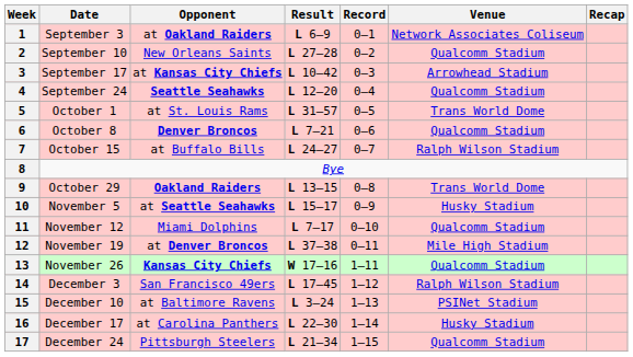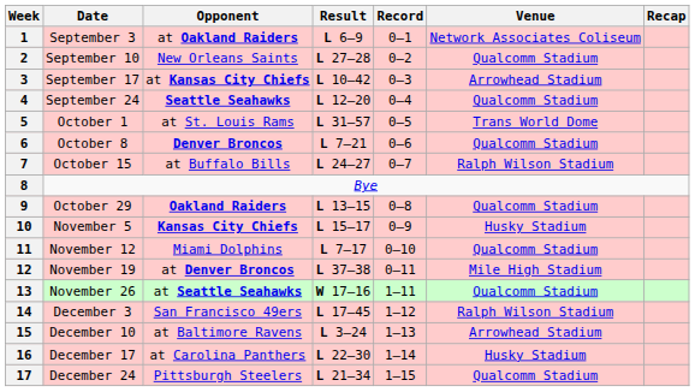 <table class="wikitable" style="text-align:center">
 <tr>
 <th>Week</th>
 <th>Date</th>
 <th>Opponent</th>
 <th>Result</th>
 <th>Record</th>
 <th>Venue</th>
 <th>Recap</th>
 </tr>
 <tr style="background:#fcc">
 <th>1</th>
 <td>September 3</td>
 <td>at <strong><a href='#'>Oakland Raiders</a></strong></td>
 <td><strong>L</strong> 6–9</td>
 <td>0–1</td>
 <td><a href='#'>Network Associates Coliseum</a></td>
 <td></td>
 </tr>
 <tr style="background:#fcc">
 <th>2</th>
 <td>September 10</td>
 <td><a href='#'>New Orleans Saints</a></td>
 <td><strong>L</strong> 27–28</td>
 <td>0–2</td>
 <td><a href='#'>Qualcomm Stadium</a></td>
 <td></td>
 </tr>
 <tr style="background:#fcc">
 <th>3</th>
 <td>September 17</td>
 <td>at <strong><a href='#'>Kansas City Chiefs</a></strong></td>
 <td><strong>L</strong> 10–42</td>
 <td>0–3</td>
 <td><a href='#'>Arrowhead Stadium</a></td>
 <td></td>
 </tr>
 <tr style="background:#fcc">
 <th>4</th>
 <td>September 24</td>
 <td><strong><a href='#'>Seattle Seahawks</a></strong></td>
 <td><strong>L</strong> 12–20</td>
 <td>0–4</td>
 <td><a href='#'>Qualcomm Stadium</a></td>
 <td></td>
 </tr>
 <tr style="background:#fcc">
 <th>5</th>
 <td>October 1</td>
 <td>at <a href='#'>St. Louis Rams</a></td>
 <td><strong>L</strong> 31–57</td>
 <td>0–5</td>
 <td><a href='#'>Trans World Dome</a></td>
 <td></td>
 </tr>
 <tr style="background:#fcc">
 <th>6</th>
 <td>October 8</td>
 <td><strong><a href='#'>Denver Broncos</a></strong></td>
 <td><strong>L</strong> 7–21</td>
 <td>0–6</td>
 <td><a href='#'>Qualcomm Stadium</a></td>
 <td></td>
 </tr>
 <tr style="background:#fcc">
 <th>7</th>
 <td>October 15</td>
 <td>at <a href='#'>Buffalo Bills</a></td>
 <td><strong>L</strong> 24–27 </td>
 <td>0–7</td>
 <td><a href='#'>Ralph Wilson Stadium</a></td>
 <td></td>
 </tr>
 <tr>
 <th>8</th>
 <td colspan="7"><em><a href='#'>Bye</a></em></td>
 </tr>
 <tr style="background:#fcc">
 <th>9</th>
 <td>October 29</td>
 <td><strong><a href='#'>Oakland Raiders</a></strong></td>
 <td><strong>L</strong> 13–15</td>
 <td>0–8</td>
-<td><a href='#'>Trans World Dome</a></td>
+<td><a href='#'>Qualcomm Stadium</a></td>
 <td></td>
 </tr>
 <tr style="background:#fcc">
 <th>10</th>
 <td>November 5</td>
-<td>at <strong><a href='#'>Seattle Seahawks</a></strong></td>
+<td><strong><a href='#'>Kansas City Chiefs</a></strong></td>
 <td><strong>L</strong> 15–17</td>
 <td>0–9</td>
 <td><a href='#'>Husky Stadium</a></td>
 <td></td>
 </tr>
 <tr style="background:#fcc">
 <th>11</th>
 <td>November 12</td>
 <td><a href='#'>Miami Dolphins</a></td>
 <td><strong>L</strong> 7–17</td>
 <td>0–10</td>
 <td><a href='#'>Qualcomm Stadium</a></td>
 <td></td>
 </tr>
 <tr style="background:#fcc">
 <th>12</th>
 <td>November 19</td>
 <td>at <strong><a href='#'>Denver Broncos</a></strong></td>
 <td><strong>L</strong> 37–38</td>
 <td>0–11</td>
 <td><a href='#'>Mile High Stadium</a></td>
 <td></td>
 </tr>
 <tr style="background:#cfc">
 <th>13</th>
 <td>November 26</td>
-<td><strong><a href='#'>Kansas City Chiefs</a></strong></td>
+<td>at <strong><a href='#'>Seattle Seahawks</a></strong></td>
 <td><strong>W</strong> 17–16</td>
 <td>1–11</td>
 <td><a href='#'>Qualcomm Stadium</a></td>
 <td></td>
 </tr>
 <tr style="background:#fcc">
 <th>14</th>
 <td>December 3</td>
 <td><a href='#'>San Francisco 49ers</a></td>
 <td><strong>L</strong> 17–45</td>
 <td>1–12</td>
 <td><a href='#'>Ralph Wilson Stadium</a></td>
 <td></td>
 </tr>
 <tr style="background:#fcc">
 <th>15</th>
 <td>December 10</td>
 <td>at <a href='#'>Baltimore Ravens</a></td>
 <td><strong>L</strong> 3–24</td>
 <td>1–13</td>
-<td><a href='#'>PSINet Stadium</a></td>
+<td><a href='#'>Arrowhead Stadium</a></td>
 <td></td>
 </tr>
 <tr style="background:#fcc">
 <th>16</th>
 <td>December 17</td>
 <td>at <a href='#'>Carolina Panthers</a></td>
 <td><strong>L</strong> 22–30</td>
 <td>1–14</td>
 <td><a href='#'>Husky Stadium</a></td>
 <td></td>
 </tr>
 <tr style="background:#fcc">
 <th>17</th>
 <td>December 24</td>
 <td><a href='#'>Pittsburgh Steelers</a></td>
 <td><strong>L</strong> 21–34</td>
 <td>1–15</td>
 <td><a href='#'>Qualcomm Stadium</a></td>
 <td></td>
 </tr>
 </table>
